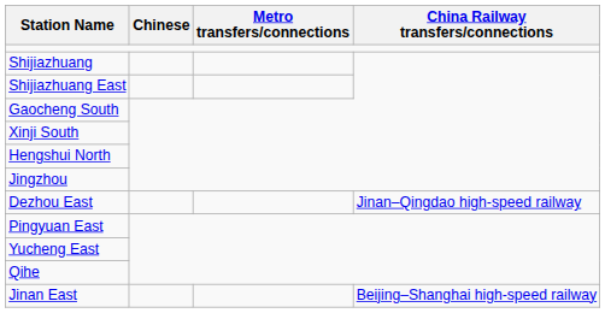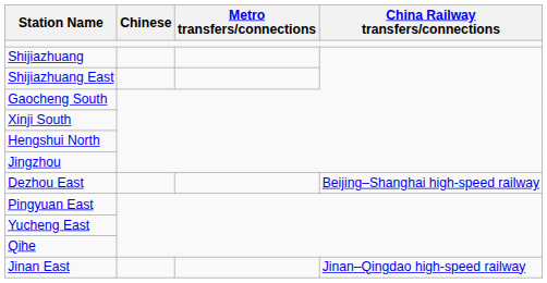 <table class="wikitable">
 <tr>
 <th>Station Name</th>
 <th>Chinese<br></th>
 <th><a href='#'>Metro</a><br>transfers/connections</th>
 <th><a href='#'>China Railway</a><br>transfers/connections<br></th>
 </tr>
 <tr style="background:#">
 <td colspan = "11"></td>
 </tr>
 <tr>
 <td><a href='#'>Shijiazhuang</a></td>
 <td></td>
 <td>  </td>
 </tr>
 <tr>
 <td><a href='#'>Shijiazhuang East</a></td>
 <td></td>
 <td> </td>
 </tr>
 <tr>
 <td><a href='#'>Gaocheng South</a></td>
 </tr>
 <tr>
 <td><a href='#'>Xinji South</a></td>
 </tr>
 <tr>
 <td><a href='#'>Hengshui North</a></td>
 </tr>
 <tr>
 <td><a href='#'>Jingzhou</a></td>
 </tr>
 <tr>
 <td><a href='#'>Dezhou East</a></td>
 <td></td>
 <td></td>
-<td><a href='#'>Jinan–Qingdao high-speed railway</a></td>
+<td><a href='#'>Beijing–Shanghai high-speed railway</a></td>
 </tr>
 <tr>
 <td><a href='#'>Pingyuan East</a></td>
 </tr>
 <tr>
 <td><a href='#'>Yucheng East</a></td>
 </tr>
 <tr>
 <td><a href='#'>Qihe</a></td>
 </tr>
 <tr>
 <td><a href='#'>Jinan East</a></td>
 <td></td>
 <td> </td>
-<td><a href='#'>Beijing–Shanghai high-speed railway</a></td>
+<td><a href='#'>Jinan–Qingdao high-speed railway</a></td>
 </tr>
 </table>
